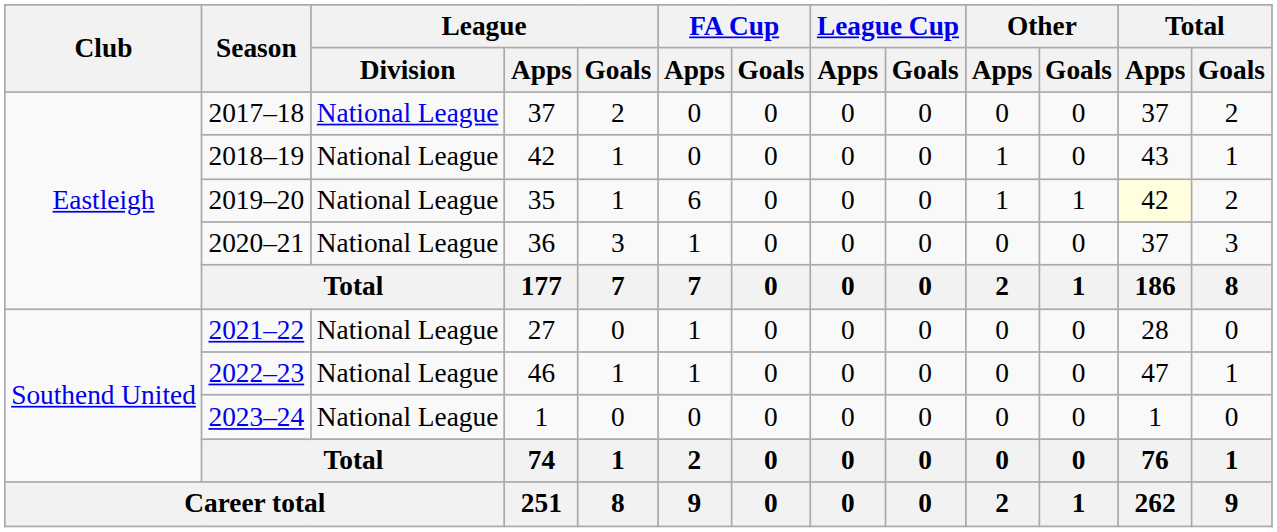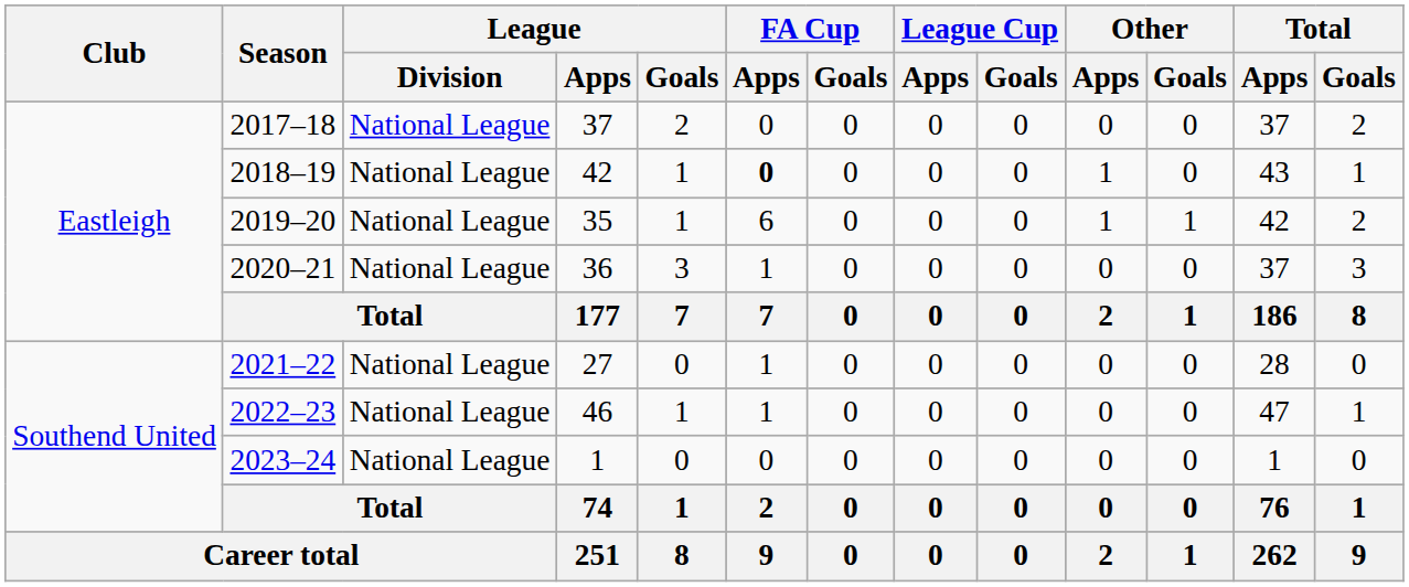 <table class="wikitable" style="text-align: center">
 <tr>
 <th rowspan="2">Club</th>
 <th rowspan="2">Season</th>
 <th colspan="3">League</th>
 <th colspan="2"><a href='#'>FA Cup</a></th>
 <th colspan="2"><a href='#'>League Cup</a></th>
 <th colspan="2">Other</th>
 <th colspan="2">Total</th>
 </tr>
 <tr>
 <th>Division</th>
 <th>Apps</th>
 <th>Goals</th>
 <th>Apps</th>
 <th>Goals</th>
 <th>Apps</th>
 <th>Goals</th>
 <th>Apps</th>
 <th>Goals</th>
 <th>Apps</th>
 <th>Goals</th>
 </tr>
 <tr>
 <td rowspan="5"><a href='#'>Eastleigh</a></td>
 <td>2017–18</td>
 <td><a href='#'>National League</a></td>
 <td>37</td>
 <td>2</td>
 <td>0</td>
 <td>0</td>
 <td>0</td>
 <td>0</td>
 <td>0</td>
 <td>0</td>
 <td>37</td>
 <td>2</td>
 </tr>
 <tr>
 <td>2018–19</td>
 <td>National League</td>
 <td>42</td>
 <td>1</td>
-<td>0</td>
+<td><strong>0</strong></td>
 <td>0</td>
 <td>0</td>
 <td>0</td>
 <td>1</td>
 <td>0</td>
 <td>43</td>
 <td>1</td>
 </tr>
 <tr>
 <td>2019–20</td>
 <td>National League</td>
 <td>35</td>
 <td>1</td>
 <td>6</td>
 <td>0</td>
 <td>0</td>
 <td>0</td>
 <td>1</td>
 <td>1</td>
-<td style="background: lightyellow;">42</td>
+<td>42</td>
 <td>2</td>
 </tr>
 <tr>
 <td>2020–21</td>
 <td>National League</td>
 <td>36</td>
 <td>3</td>
 <td>1</td>
 <td>0</td>
 <td>0</td>
 <td>0</td>
 <td>0</td>
 <td>0</td>
 <td>37</td>
 <td>3</td>
 </tr>
 <tr>
 <th colspan="2">Total</th>
 <th>177</th>
 <th>7</th>
 <th>7</th>
 <th>0</th>
 <th>0</th>
 <th>0</th>
 <th>2</th>
 <th>1</th>
 <th>186</th>
 <th>8</th>
 </tr>
 <tr>
 <td rowspan="4"><a href='#'>Southend United</a></td>
 <td><a href='#'>2021–22</a></td>
 <td>National League</td>
 <td>27</td>
 <td>0</td>
 <td>1</td>
 <td>0</td>
 <td>0</td>
 <td>0</td>
 <td>0</td>
 <td>0</td>
 <td>28</td>
 <td>0</td>
 </tr>
 <tr>
 <td><a href='#'>2022–23</a></td>
 <td>National League</td>
 <td>46</td>
 <td>1</td>
 <td>1</td>
 <td>0</td>
 <td>0</td>
 <td>0</td>
 <td>0</td>
 <td>0</td>
 <td>47</td>
 <td>1</td>
 </tr>
 <tr>
 <td><a href='#'>2023–24</a></td>
 <td>National League</td>
 <td>1</td>
 <td>0</td>
 <td>0</td>
 <td>0</td>
 <td>0</td>
 <td>0</td>
 <td>0</td>
 <td>0</td>
 <td>1</td>
 <td>0</td>
 </tr>
 <tr>
 <th colspan="2">Total</th>
 <th>74</th>
 <th>1</th>
 <th>2</th>
 <th>0</th>
 <th>0</th>
 <th>0</th>
 <th>0</th>
 <th>0</th>
 <th>76</th>
 <th>1</th>
 </tr>
 <tr>
 <th colspan="3">Career total</th>
 <th>251</th>
 <th>8</th>
 <th>9</th>
 <th>0</th>
 <th>0</th>
 <th>0</th>
 <th>2</th>
 <th>1</th>
 <th>262</th>
 <th>9</th>
 </tr>
 </table>
